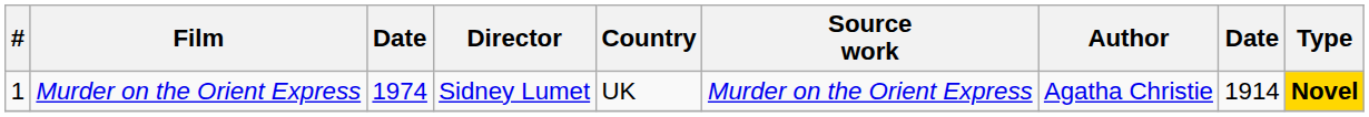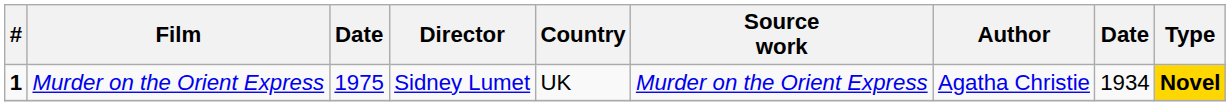 <table class="wikitable">
 <tr>
 <th>#</th>
 <th>Film</th>
 <th>Date</th>
 <th>Director</th>
 <th>Country</th>
 <th>Source<br>work</th>
 <th>Author</th>
 <th>Date</th>
 <th>Type</th>
 </tr>
 <tr>
-<td>1</td>
+<td><strong>1</strong></td>
 <td><em><a href='#'>Murder on the Orient Express</a></em></td>
-<td><a href='#'>1974</a></td>
+<td><a href='#'>1975</a></td>
 <td><a href='#'>Sidney Lumet</a></td>
 <td>UK</td>
 <td><em><a href='#'>Murder on the Orient Express</a></em></td>
 <td><a href='#'>Agatha Christie</a></td>
-<td>1914</td>
+<td>1934</td>
 <td style="background: gold;"><strong>Novel</strong></td>
 </tr>
 <tr>
 </tr>
 </table>
